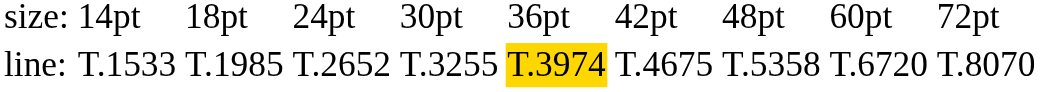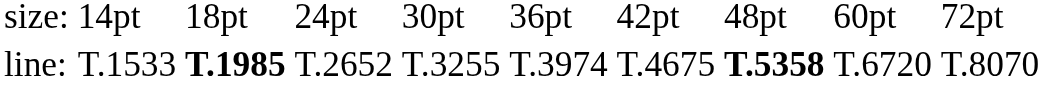 <table style="margin-left:40px;">
 <tr>
 <td>size:</td>
 <td>14pt</td>
 <td>18pt</td>
 <td>24pt</td>
 <td>30pt</td>
 <td>36pt</td>
 <td>42pt</td>
 <td>48pt</td>
 <td>60pt</td>
 <td>72pt</td>
 </tr>
 <tr>
 <td>line:</td>
 <td>T.1533</td>
-<td>T.1985</td>
+<td><strong>T.1985</strong></td>
 <td>T.2652</td>
 <td>T.3255</td>
-<td style="background: gold;">T.3974</td>
+<td>T.3974</td>
 <td>T.4675</td>
-<td>T.5358</td>
+<td><strong>T.5358</strong></td>
 <td>T.6720</td>
 <td>T.8070</td>
 </tr>
 </table>
